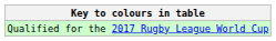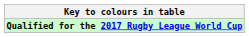 <table class="wikitable" style="text-align: center;">
 <tr>
 <th colspan=2>Key to colours in table</th>
 </tr>
 <tr bgcolor=ccffcc>
-<td align=center>Qualified for the <a href='#'>2017 Rugby League World Cup</a></td>
+<td align=center><strong>Qualified for the <a href='#'>2017 Rugby League World Cup</a></strong></td>
 </tr>
 </table>
